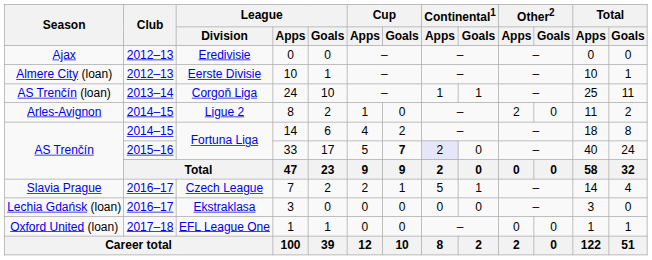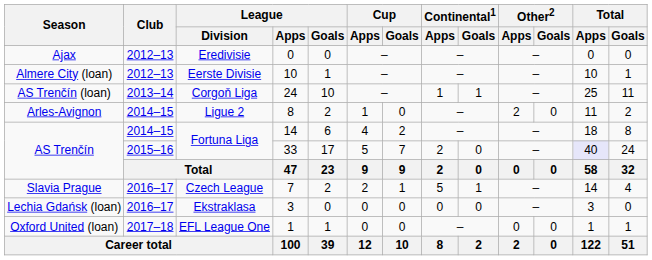 <table class="wikitable" style="text-align:center">
 <tr>
 <th rowspan=2>Season</th>
 <th rowspan=2>Club</th>
 <th colspan=3>League</th>
 <th colspan=2>Cup</th>
 <th colspan=2>Continental<sup>1</sup></th>
 <th colspan=2>Other<sup>2</sup></th>
 <th colspan=2>Total</th>
 </tr>
 <tr>
 <th>Division</th>
 <th>Apps</th>
 <th>Goals</th>
 <th>Apps</th>
 <th>Goals</th>
 <th>Apps</th>
 <th>Goals</th>
 <th>Apps</th>
 <th>Goals</th>
 <th>Apps</th>
 <th>Goals</th>
 </tr>
 <tr>
 <td><a href='#'>Ajax</a></td>
 <td><a href='#'>2012–13</a></td>
 <td><a href='#'>Eredivisie</a></td>
 <td>0</td>
 <td>0</td>
 <td colspan="2">–</td>
 <td colspan="2">–</td>
 <td colspan="2">–</td>
 <td>0</td>
 <td>0</td>
 </tr>
 <tr>
 <td><a href='#'>Almere City</a> (loan)</td>
 <td><a href='#'>2012–13</a></td>
 <td><a href='#'>Eerste Divisie</a></td>
 <td>10</td>
 <td>1</td>
 <td colspan="2">–</td>
 <td colspan="2">–</td>
 <td colspan="2">–</td>
 <td>10</td>
 <td>1</td>
 </tr>
 <tr>
 <td><a href='#'>AS Trenčín</a> (loan)</td>
 <td><a href='#'>2013–14</a></td>
 <td><a href='#'>Corgoň Liga</a></td>
 <td>24</td>
 <td>10</td>
 <td colspan="2">–</td>
 <td>1</td>
 <td>1</td>
 <td colspan="2">–</td>
 <td>25</td>
 <td>11</td>
 </tr>
 <tr>
 <td><a href='#'>Arles-Avignon</a></td>
 <td><a href='#'>2014–15</a></td>
 <td><a href='#'>Ligue 2</a></td>
 <td>8</td>
 <td>2</td>
 <td>1</td>
 <td>0</td>
 <td colspan="2">–</td>
 <td>2</td>
 <td>0</td>
 <td>11</td>
 <td>2</td>
 </tr>
 <tr>
 <td rowspan="3"><a href='#'>AS Trenčín</a></td>
 <td><a href='#'>2014–15</a></td>
 <td rowspan="2"><a href='#'>Fortuna Liga</a></td>
 <td>14</td>
 <td>6</td>
 <td>4</td>
 <td>2</td>
 <td colspan="2">–</td>
 <td colspan="2">–</td>
 <td>18</td>
 <td>8</td>
 </tr>
 <tr>
 <td><a href='#'>2015–16</a></td>
 <td>33</td>
 <td>17</td>
 <td>5</td>
-<td><strong>7</strong></td>
-<td style="background: lavender;">2</td>
+<td>7</td>
+<td>2</td>
 <td>0</td>
 <td colspan="2">–</td>
-<td>40</td>
+<td style="background: lavender;">40</td>
 <td>24</td>
 </tr>
 <tr>
 <th colspan="2">Total</th>
 <th>47</th>
 <th>23</th>
 <th>9</th>
 <th>9</th>
 <th>2</th>
 <th>0</th>
 <th>0</th>
 <th>0</th>
 <th>58</th>
 <th>32</th>
 </tr>
 <tr>
 <td><a href='#'>Slavia Prague</a></td>
 <td><a href='#'>2016–17</a></td>
 <td><a href='#'>Czech League</a></td>
 <td>7</td>
 <td>2</td>
 <td>2</td>
 <td>1</td>
 <td>5</td>
 <td>1</td>
 <td colspan="2">–</td>
 <td>14</td>
 <td>4</td>
 </tr>
 <tr>
 <td><a href='#'>Lechia Gdańsk</a> (loan)</td>
 <td><a href='#'>2016–17</a></td>
 <td><a href='#'>Ekstraklasa</a></td>
 <td>3</td>
 <td>0</td>
 <td>0</td>
 <td>0</td>
 <td>0</td>
 <td>0</td>
 <td colspan="2">–</td>
 <td>3</td>
 <td>0</td>
 </tr>
 <tr>
 <td><a href='#'>Oxford United</a> (loan)</td>
 <td><a href='#'>2017–18</a></td>
 <td><a href='#'>EFL League One</a></td>
 <td>1</td>
 <td>1</td>
 <td>0</td>
 <td>0</td>
 <td colspan="2">–</td>
 <td>0</td>
 <td>0</td>
 <td>1</td>
 <td>1</td>
 </tr>
 <tr>
 <th colspan="3">Career total</th>
 <th>100</th>
 <th>39</th>
 <th>12</th>
 <th>10</th>
 <th>8</th>
 <th>2</th>
 <th>2</th>
 <th>0</th>
 <th>122</th>
 <th>51</th>
 </tr>
 </table>
